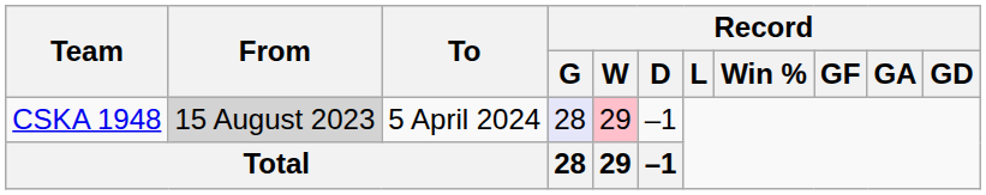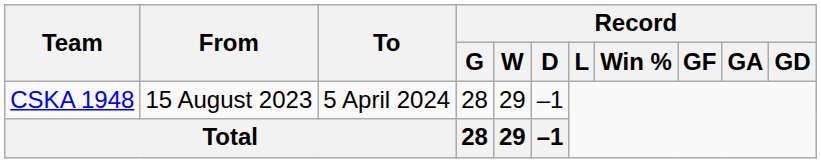 <table class="wikitable" style="text-align: center">
 <tr>
 <th rowspan=2>Team</th>
 <th rowspan=2>From</th>
 <th rowspan=2>To</th>
 <th colspan=8>Record</th>
 </tr>
 <tr>
 <th>G</th>
 <th>W</th>
 <th>D</th>
 <th>L</th>
 <th>Win %</th>
 <th>GF</th>
 <th>GA</th>
 <th>GD</th>
 </tr>
 <tr>
 <td align=left><a href='#'>CSKA 1948</a></td>
-<td align=left style="background: lightgrey;">15 August 2023</td>
+<td align=left>15 August 2023</td>
 <td align=left>5 April 2024<br></td>
-<td align=centre style="background: lavender;">28</td>
-<td align=centre style="background: pink;">29</td>
+<td align=centre>28</td>
+<td align=centre>29</td>
 <td align=centre>–1</td>
 </tr>
 <tr>
 <th colspan=3>Total<br></th>
 <th align=centre>28</th>
 <th align=centre>29</th>
 <th align=centre>–1</th>
 </tr>
 </table>
